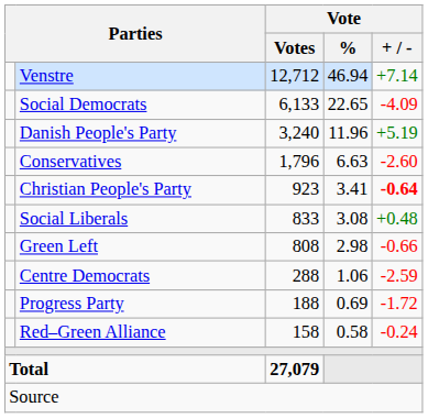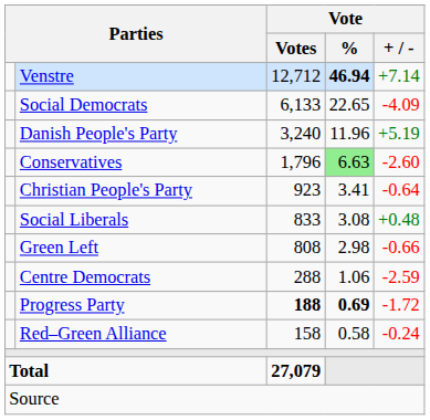 <table class="wikitable" style="text-align:right;">
 <tr>
 <th style="text-align:centre;" rowspan="2" colspan="2" width="225">Parties</th>
 <th colspan="3">Vote</th>
 </tr>
 <tr>
 <th width="15">Votes</th>
 <th width="15">%</th>
 <th width="15">+ / -</th>
 </tr>
 <tr>
 <td width="2" style="color:inherit;background:"></td>
 <td bgcolor=#cfe5fe  align="left"><a href='#'>Venstre</a></td>
 <td bgcolor=#cfe5fe>12,712</td>
-<td bgcolor=#cfe5fe>46.94</td>
+<td bgcolor=#cfe5fe><strong>46.94</strong></td>
 <td style=color:green;>+7.14</td>
 </tr>
 <tr>
 <td width="2" style="color:inherit;background:"></td>
 <td align="left"><a href='#'>Social Democrats</a></td>
 <td>6,133</td>
 <td>22.65</td>
 <td style=color:red;>-4.09</td>
 </tr>
 <tr>
 <td width="2" style="color:inherit;background:"></td>
 <td align="left"><a href='#'>Danish People's Party</a></td>
 <td>3,240</td>
 <td>11.96</td>
 <td style=color:green;>+5.19</td>
 </tr>
 <tr>
 <td width="2" style="color:inherit;background:"></td>
 <td align="left"><a href='#'>Conservatives</a></td>
 <td>1,796</td>
-<td>6.63</td>
+<td style="background: lightgreen;">6.63</td>
 <td style=color:red;>-2.60</td>
 </tr>
 <tr>
 <td width="2" style="color:inherit;background:"></td>
 <td align="left"><a href='#'>Christian People's Party</a></td>
 <td>923</td>
 <td>3.41</td>
-<td style=color:red;><strong>-0.64</strong></td>
+<td style=color:red;>-0.64</td>
 </tr>
 <tr>
 <td width="2" style="color:inherit;background:"></td>
 <td align="left"><a href='#'>Social Liberals</a></td>
 <td>833</td>
 <td>3.08</td>
 <td style=color:green;>+0.48</td>
 </tr>
 <tr>
 <td width="2" style="color:inherit;background:"></td>
 <td align="left"><a href='#'>Green Left</a></td>
 <td>808</td>
 <td>2.98</td>
 <td style=color:red;>-0.66</td>
 </tr>
 <tr>
 <td width="2" style="color:inherit;background:"></td>
 <td align="left"><a href='#'>Centre Democrats</a></td>
 <td>288</td>
 <td>1.06</td>
 <td style=color:red;>-2.59</td>
 </tr>
 <tr>
 <td width="2" style="color:inherit;background:"></td>
 <td align="left"><a href='#'>Progress Party</a></td>
-<td>188</td>
-<td>0.69</td>
+<td><strong>188</strong></td>
+<td><strong>0.69</strong></td>
 <td style=color:red;>-1.72</td>
 </tr>
 <tr>
 <td width="2" style="color:inherit;background:"></td>
 <td align="left"><a href='#'>Red–Green Alliance</a></td>
 <td>158</td>
 <td>0.58</td>
 <td style=color:red;>-0.24</td>
 </tr>
 <tr>
 <td colspan="7" bgcolor="#E9E9E9"></td>
 </tr>
 <tr>
 <td align="left" colspan="2"><strong>Total</strong></td>
 <td><strong>27,079</strong></td>
 <td bgcolor="#E9E9E9" colspan="2"></td>
 </tr>
 <tr>
 <td align="left" colspan="6">Source</td>
 </tr>
 </table>
